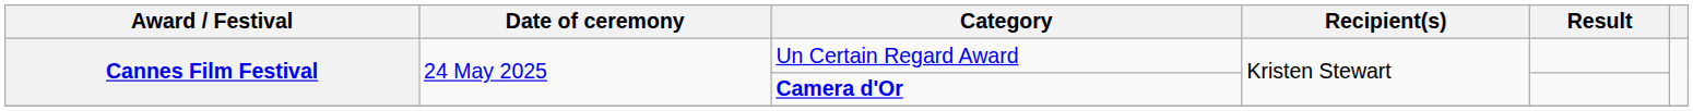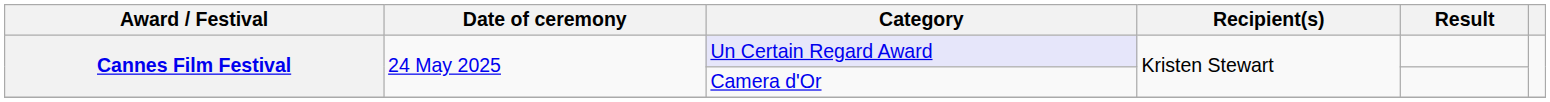 <table class="wikitable sortable plainrowheaders" style="width: 100%;">
 <tr>
 <th scope="col">Award / Festival</th>
 <th scope="col">Date of ceremony</th>
 <th scope="col">Category</th>
 <th scope="col">Recipient(s)</th>
 <th scope="col">Result</th>
 <th scope="col" class="unsortable"></th>
 </tr>
 <tr>
 <th rowspan="2" scope="row"><a href='#'>Cannes Film Festival</a></th>
 <td rowspan="2"><a href='#'>24 May 2025</a></td>
-<td><a href='#'>Un Certain Regard Award</a></td>
+<td style="background: lavender;"><a href='#'>Un Certain Regard Award</a></td>
 <td rowspan="2">Kristen Stewart</td>
 <td></td>
 <td align="center" rowspan="2"></td>
 </tr>
 <tr>
-<td><strong><a href='#'>Camera d'Or</a></strong></td>
+<td><a href='#'>Camera d'Or</a></td>
 <td></td>
 </tr>
 <tr>
 </tr>
 </table>
